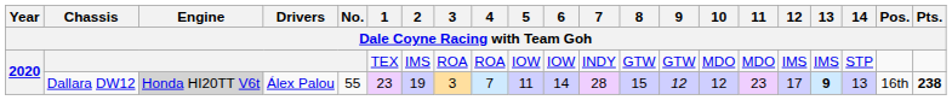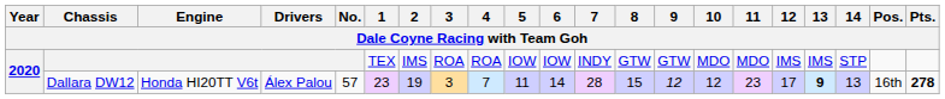 <table class="wikitable" style="text-align:center; font-size:85%">
 <tr>
 <th>Year</th>
 <th style="white-spaaace: nowrap;">Chassis</th>
 <th style="white-spaaace: nowrap;">Engine</th>
 <th style="white-spaaace: nowrap;">Drivers</th>
 <th>No.</th>
 <th>1</th>
 <th>2</th>
 <th>3</th>
 <th>4</th>
 <th>5</th>
 <th>6</th>
 <th>7</th>
 <th>8</th>
 <th>9</th>
 <th>10</th>
 <th>11</th>
 <th>12</th>
 <th>13</th>
 <th>14</th>
 <th>Pos.</th>
 <th>Pts.</th>
 </tr>
 <tr>
 <th colspan=24><a href='#'>Dale Coyne Racing</a> with Team Goh</th>
 </tr>
 <tr>
 <th rowspan=2><a href='#'>2020</a></th>
 <th colspan=4></th>
 <td><a href='#'>TEX</a></td>
 <td><a href='#'>IMS</a></td>
 <td><a href='#'>ROA</a></td>
 <td><a href='#'>ROA</a></td>
 <td><a href='#'>IOW</a></td>
 <td><a href='#'>IOW</a></td>
 <td><a href='#'>INDY</a></td>
 <td><a href='#'>GTW</a></td>
 <td><a href='#'>GTW</a></td>
 <td><a href='#'>MDO</a></td>
 <td><a href='#'>MDO</a></td>
 <td><a href='#'>IMS</a></td>
 <td><a href='#'>IMS</a></td>
 <td><a href='#'>STP</a></td>
 <td></td>
 </tr>
 <tr>
 <td rowspan="1"><a href='#'>Dallara</a> <a href='#'>DW12</a></td>
-<td rowspan="1" style="background: lightgrey;"><a href='#'>Honda</a> HI20TT <a href='#'>V6</a><a href='#'>t</a></td>
+<td rowspan="1"><a href='#'>Honda</a> HI20TT <a href='#'>V6</a><a href='#'>t</a></td>
 <td align="left"> <a href='#'>Álex Palou</a> </td>
-<td>55</td>
+<td>57</td>
 <td style="background:#EFCFFF;">23</td>
 <td style="background:#CFCFFF;">19</td>
 <td style="background:#FFDF9F;">3</td>
 <td style="background:#CFEAFF;">7</td>
 <td style="background:#CFCFFF;">11</td>
 <td style="background:#CFCFFF;">14</td>
 <td style="background:#EFCFFF;">28</td>
 <td style="background:#CFCFFF;">15</td>
 <td style="background:#CFCFFF;"><em>12</em></td>
 <td style="background:#CFCFFF;">12</td>
 <td style="background:#EFCFFF;">23</td>
 <td style="background:#CFCFFF;">17</td>
 <td style="background:#CFEAFF;"><strong>9</strong></td>
 <td style="background:#CFCFFF;">13</td>
 <td>16th</td>
-<td><strong>238</strong></td>
+<td><strong>278</strong></td>
 </tr>
 </table>
